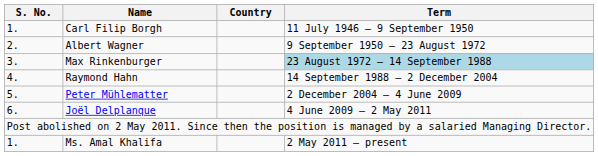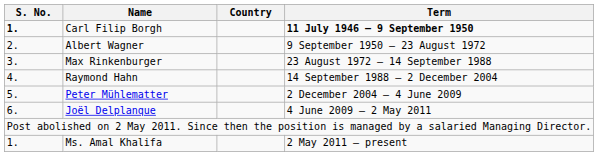 <table class="wikitable">
 <tr>
 <th>S. No.</th>
 <th>Name</th>
 <th>Country</th>
 <th>Term</th>
 </tr>
 <tr>
-<td>1.</td>
+<td><strong>1.</strong></td>
 <td>Carl Filip Borgh</td>
 <td></td>
-<td>11 July 1946 – 9 September 1950</td>
+<td><strong>11 July 1946 – 9 September 1950</strong></td>
 </tr>
 <tr>
 <td>2.</td>
 <td>Albert Wagner</td>
 <td></td>
 <td>9 September 1950 – 23 August 1972</td>
 </tr>
 <tr>
 <td>3.</td>
 <td>Max Rinkenburger</td>
 <td></td>
-<td style="background: lightblue;">23 August 1972 – 14 September 1988</td>
+<td>23 August 1972 – 14 September 1988</td>
 </tr>
 <tr>
 <td>4.</td>
 <td>Raymond Hahn</td>
 <td></td>
 <td>14 September 1988 – 2 December 2004</td>
 </tr>
 <tr>
 <td>5.</td>
 <td><a href='#'>Peter Mühlematter</a></td>
 <td></td>
 <td>2 December 2004 – 4 June 2009</td>
 </tr>
 <tr>
 <td>6.</td>
 <td><a href='#'>Joël Delplanque</a></td>
 <td></td>
 <td>4 June 2009 – 2 May 2011</td>
 </tr>
 <tr>
 <td colspan=4>Post abolished on 2 May 2011. Since then the position is managed by a salaried Managing Director.</td>
 </tr>
 <tr>
 <td>1.</td>
 <td>Ms. Amal Khalifa</td>
 <td></td>
 <td>2 May 2011 – present</td>
 </tr>
 </table>
